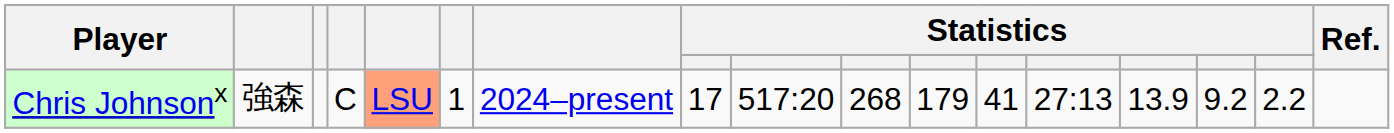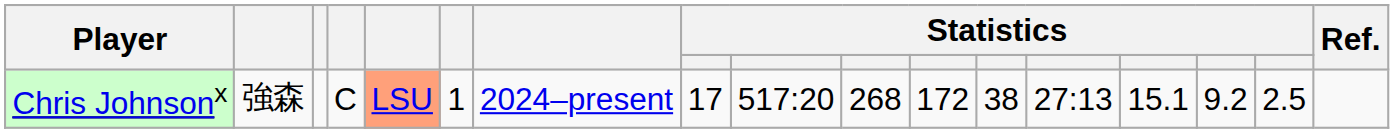 <table class="wikitable sortable" style="font-size:95%; text-align:right;">
 <tr>
 <th rowspan="2">Player</th>
 <th rowspan="2"></th>
 <th rowspan="2"></th>
 <th rowspan="2"></th>
 <th rowspan="2"></th>
 <th rowspan="2"></th>
 <th rowspan="2"></th>
 <th colspan="9">Statistics</th>
 <th rowspan="2">Ref.</th>
 </tr>
 <tr>
 <th></th>
 <th></th>
 <th></th>
 <th></th>
 <th></th>
 <th></th>
 <th></th>
 <th></th>
 <th></th>
 </tr>
 <tr>
 <td align="left" bgcolor="#CCFFCC"><u><a href='#'>Chris Johnson</a></u><sup>x</sup></td>
 <td align="left">強森</td>
 <td align="center"></td>
 <td align="center">C</td>
 <td align="left" style="background: lightsalmon;"><a href='#'>LSU</a></td>
 <td align="center">1</td>
 <td align="center"><a href='#'>2024–present</a></td>
 <td>17</td>
 <td>517:20</td>
 <td>268</td>
-<td>179</td>
-<td>41</td>
+<td>172</td>
+<td>38</td>
 <td>27:13</td>
-<td>13.9</td>
+<td>15.1</td>
 <td>9.2</td>
-<td>2.2</td>
+<td>2.5</td>
 <td align="center"></td>
 </tr>
 </table>
